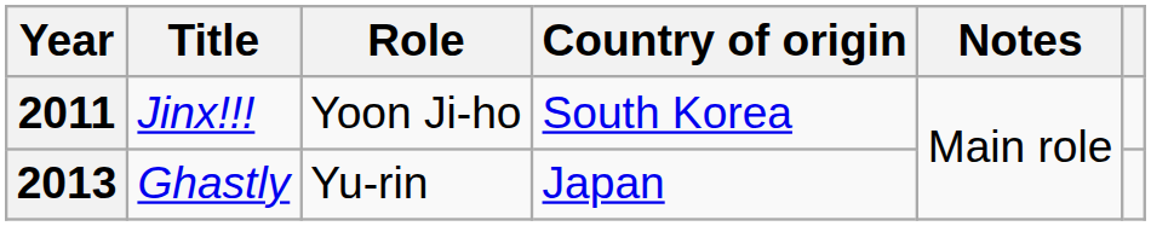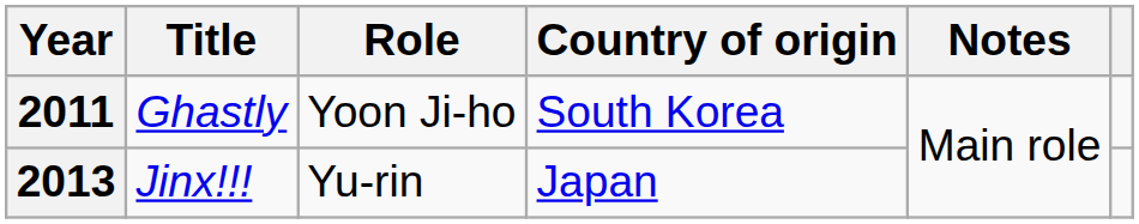 <table class="wikitable sortable plainrowheaders">
 <tr>
 <th scope="col">Year</th>
 <th scope="col">Title</th>
 <th scope="col">Role</th>
 <th>Country of origin</th>
 <th scope="col">Notes</th>
 <th class="unsortable" scope="col"></th>
 </tr>
 <tr>
 <th scope="row">2011</th>
-<td><em><a href='#'>Jinx!!!</a></em></td>
+<td><em><a href='#'>Ghastly</a></em></td>
 <td>Yoon Ji-ho</td>
 <td><a href='#'>South Korea</a></td>
 <td rowspan="2">Main role</td>
 <td></td>
 </tr>
 <tr>
 <th scope="row">2013</th>
-<td><em><a href='#'>Ghastly</a></em></td>
+<td><em><a href='#'>Jinx!!!</a></em></td>
 <td>Yu-rin</td>
 <td><a href='#'>Japan</a></td>
 <td></td>
 </tr>
 </table>
